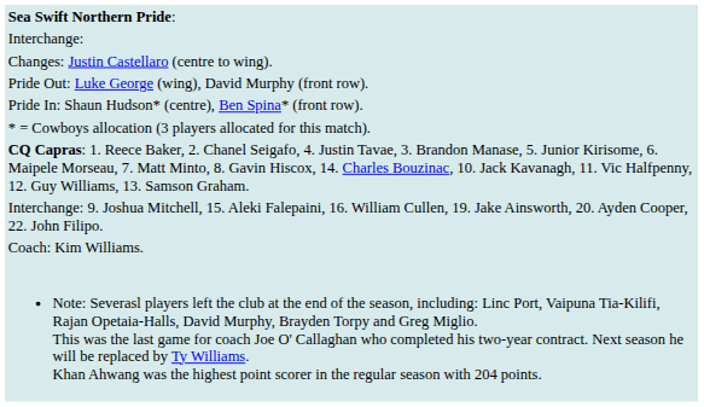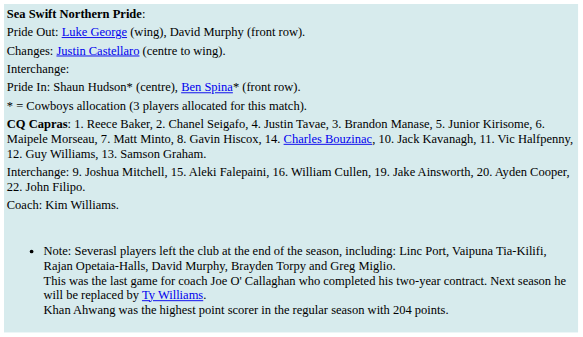 <table style="background:#d7ebed; font-size:85%; width:100%;">
 <tr>
 <td><strong>Sea Swift Northern Pride</strong>:             </td>
 </tr>
 <tr>
-<td>Interchange:    </td>
+<td>Pride Out: <a href='#'>Luke George</a> (wing), David Murphy (front row).</td>
 </tr>
 <tr>
 <td>Changes: <a href='#'>Justin Castellaro</a> (centre to wing).</td>
 </tr>
 <tr>
-<td>Pride Out: <a href='#'>Luke George</a> (wing), David Murphy (front row).</td>
+<td>Interchange:    </td>
 </tr>
 <tr>
 <td>Pride In: Shaun Hudson* (centre), <a href='#'>Ben Spina</a>* (front row).</td>
 </tr>
 <tr>
 <td>* = Cowboys allocation (3 players allocated for this match).</td>
 </tr>
 <tr>
 <td><strong>CQ Capras</strong>: 1. Reece Baker, 2. Chanel Seigafo, 4. Justin Tavae, 3. Brandon Manase, 5. Junior Kirisome, 6. Maipele Morseau, 7. Matt Minto, 8. Gavin Hiscox, 14. <a href='#'>Charles Bouzinac</a>, 10. Jack Kavanagh, 11. Vic Halfpenny, 12. Guy Williams, 13. Samson Graham.</td>
 </tr>
 <tr>
 <td>Interchange: 9. Joshua Mitchell, 15. Aleki Falepaini, 16. William Cullen, 19. Jake Ainsworth, 20. Ayden Cooper, 22. John Filipo.</td>
 </tr>
 <tr>
 <td>Coach: Kim Williams.</td>
 </tr>
 <tr>
 <td><br><ul><li>Note: Severasl players left the club at the end of the season, including: Linc Port, Vaipuna Tia-Kilifi, Rajan Opetaia-Halls, David Murphy, Brayden Torpy and Greg Miglio.<br>This was the last game for coach Joe O' Callaghan who completed his two-year contract. Next season he will be replaced by <a href='#'>Ty Williams</a>.<br>Khan Ahwang was the highest point scorer in the regular season with 204 points.</li></ul></td>
 </tr>
 </table>
